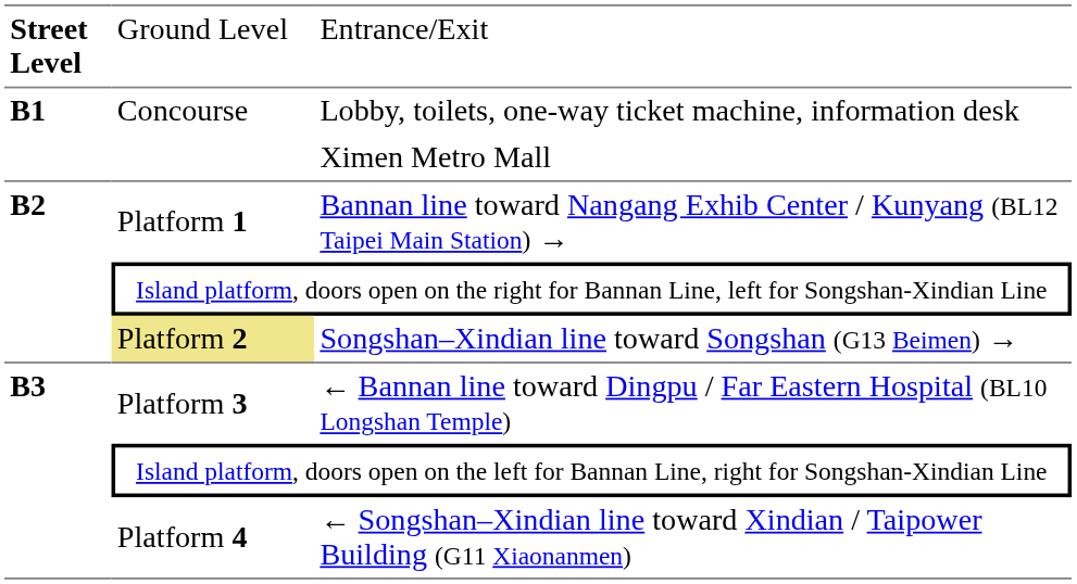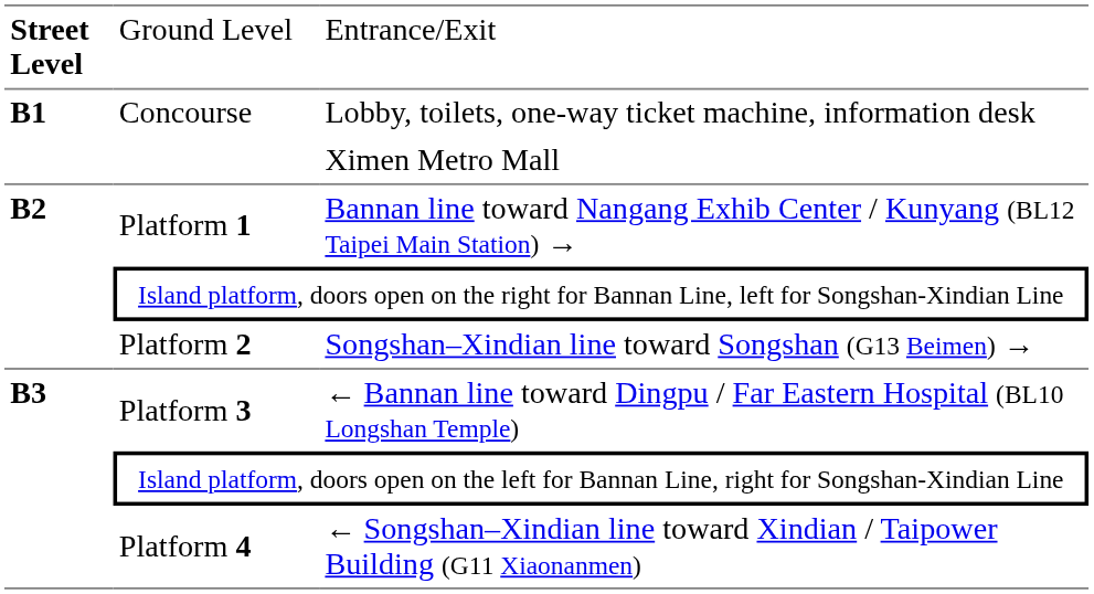 <table cellspacing=0 cellpadding=3>
 <tr>
 <td style="border-top:solid 1px gray;border-bottom:solid 1px gray;" width=50 valign=top><strong>Street Level</strong></td>
 <td style="border-top:solid 1px gray;border-bottom:solid 1px gray;" width=100 valign=top>Ground Level</td>
 <td style="border-top:solid 1px gray;border-bottom:solid 1px gray;" width=390 valign=top>Entrance/Exit</td>
 </tr>
 <tr>
 <td style="border-bottom:solid 0px gray;" rowspan=2 valign=top><strong>B1</strong></td>
 <td style="border-bottom:solid 0px gray;" rowspan=2 valign=top>Concourse</td>
 <td>Lobby, toilets, one-way ticket machine, information desk</td>
 </tr>
 <tr>
 <td style="border-bottom:solid 0px gray;">Ximen Metro Mall</td>
 </tr>
 <tr>
 <td style="border-top:solid 1px gray;border-bottom:solid 1px gray;" width=50 rowspan=3 valign=top><strong>B2</strong></td>
 <td style="border-top:solid 1px gray;">Platform <span><strong>1</strong></span></td>
 <td style="border-top:solid 1px gray;"> <a href='#'>Bannan line</a> toward <a href='#'>Nangang Exhib Center</a> / <a href='#'>Kunyang</a> <small>(BL12 <a href='#'>Taipei Main Station</a>)</small> →</td>
 </tr>
 <tr>
 <td style="border-top:solid 2px black;border-right:solid 2px black;border-left:solid 2px black;border-bottom:solid 2px black;" colspan=2 align=center><small><a href='#'>Island platform</a>, doors open on the right for Bannan Line, left for Songshan-Xindian Line</small></td>
 </tr>
 <tr>
-<td style="background: khaki; border-bottom:solid 1px gray;">Platform <span><strong>2</strong></span></td>
+<td style="border-bottom:solid 1px gray;">Platform <span><strong>2</strong></span></td>
 <td style="border-bottom:solid 1px gray;"> <a href='#'>Songshan–Xindian line</a> toward <a href='#'>Songshan</a> <small>(G13 <a href='#'>Beimen</a>)</small> →</td>
 </tr>
 <tr>
 <td style="border-bottom:solid 1px gray;" rowspan=3 valign=top><strong>B3</strong></td>
 <td>Platform <span><strong>3</strong></span></td>
 <td style="border-top:solid 0px gray;">←  <a href='#'>Bannan line</a> toward <a href='#'>Dingpu</a> / <a href='#'>Far Eastern Hospital</a> <small>(BL10 <a href='#'>Longshan Temple</a>)</small></td>
 </tr>
 <tr>
 <td style="border:solid 2px black;" colspan=2 align=center><small><a href='#'>Island platform</a>, doors open on the left for Bannan Line, right for Songshan-Xindian Line</small></td>
 </tr>
 <tr>
 <td style="border-bottom:solid 1px gray;">Platform <span><strong>4</strong></span></td>
 <td style="border-bottom:solid 1px gray;">←  <a href='#'>Songshan–Xindian line</a> toward <a href='#'>Xindian</a> / <a href='#'>Taipower Building</a> <small>(G11 <a href='#'>Xiaonanmen</a>)</small></td>
 </tr>
 <tr>
 </tr>
 </table>
